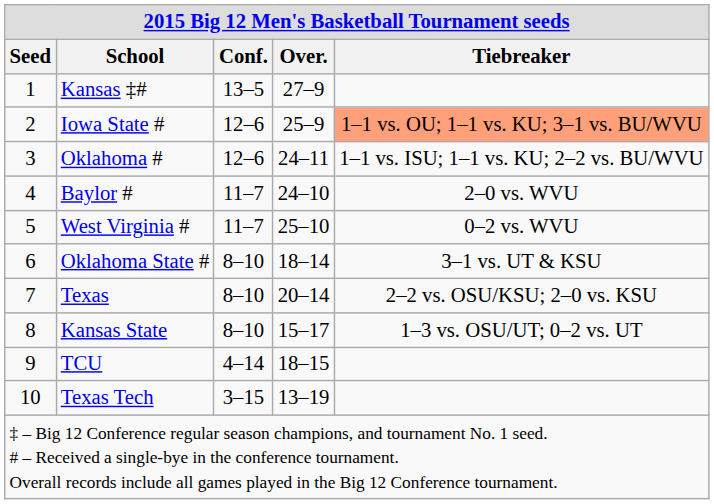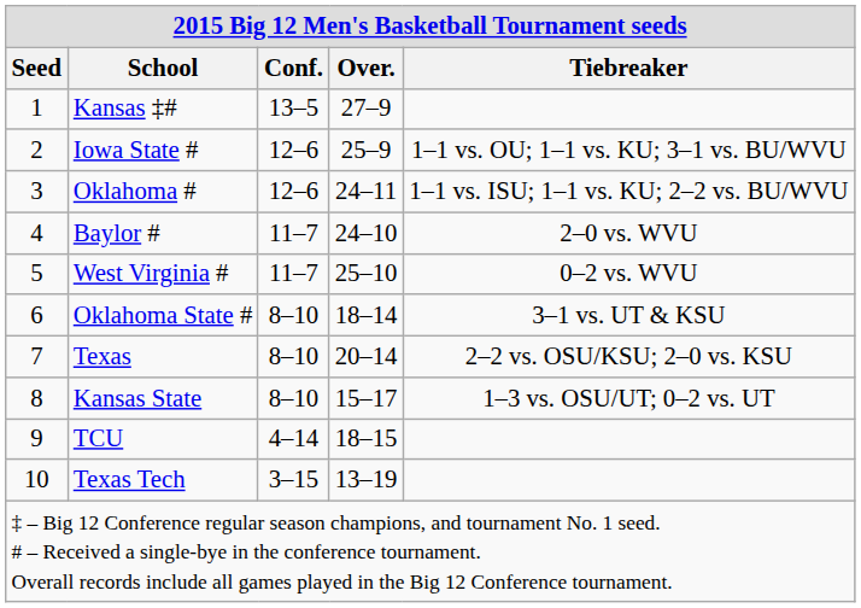 <table class="wikitable" style="white-space:nowrap; font-size:90%;text-align:center">
 <tr>
 <td colspan="10" style="text-align:center; background:#DDDDDD; font:#000000"><strong><a href='#'>2015 Big 12 Men's Basketball Tournament seeds</a></strong></td>
 </tr>
 <tr bgcolor="#efefef">
 <th>Seed</th>
 <th>School</th>
 <th>Conf.</th>
 <th>Over.</th>
 <th>Tiebreaker</th>
 </tr>
 <tr>
 <td>1</td>
 <td align=left><a href='#'>Kansas</a> ‡#</td>
 <td>13–5</td>
 <td>27–9</td>
 <td></td>
 </tr>
 <tr>
 <td>2</td>
 <td align=left><a href='#'>Iowa State</a> #</td>
 <td>12–6</td>
 <td>25–9</td>
-<td style="background: lightsalmon;">1–1 vs. OU; 1–1 vs. KU; 3–1 vs. BU/WVU</td>
+<td>1–1 vs. OU; 1–1 vs. KU; 3–1 vs. BU/WVU</td>
 </tr>
 <tr>
 <td>3</td>
 <td align=left><a href='#'>Oklahoma</a> #</td>
 <td>12–6</td>
 <td>24–11</td>
 <td>1–1 vs. ISU; 1–1 vs. KU; 2–2 vs. BU/WVU</td>
 </tr>
 <tr>
 <td>4</td>
 <td align=left><a href='#'>Baylor</a> #</td>
 <td>11–7</td>
 <td>24–10</td>
 <td>2–0 vs. WVU</td>
 </tr>
 <tr>
 <td>5</td>
 <td align=left><a href='#'>West Virginia</a> #</td>
 <td>11–7</td>
 <td>25–10</td>
 <td>0–2 vs. WVU</td>
 </tr>
 <tr>
 <td>6</td>
 <td align=left><a href='#'>Oklahoma State</a> #</td>
 <td>8–10</td>
 <td>18–14</td>
 <td>3–1 vs. UT & KSU</td>
 </tr>
 <tr>
 <td>7</td>
 <td align=left><a href='#'>Texas</a></td>
 <td>8–10</td>
 <td>20–14</td>
 <td>2–2 vs. OSU/KSU; 2–0 vs. KSU</td>
 </tr>
 <tr>
 <td>8</td>
 <td align=left><a href='#'>Kansas State</a></td>
 <td>8–10</td>
 <td>15–17</td>
 <td>1–3 vs. OSU/UT; 0–2 vs. UT</td>
 </tr>
 <tr>
 <td>9</td>
 <td align=left><a href='#'>TCU</a></td>
 <td>4–14</td>
 <td>18–15</td>
 <td></td>
 </tr>
 <tr>
 <td>10</td>
 <td align=left><a href='#'>Texas Tech</a></td>
 <td>3–15</td>
 <td>13–19</td>
 <td></td>
 </tr>
 <tr>
 <td colspan="10" style="text-align:left;"><small>‡ – Big 12 Conference regular season champions, and tournament No. 1 seed.<br># – Received a single-bye in the conference tournament.<br>Overall records include all games played in the Big 12 Conference tournament.</small></td>
 </tr>
 </table>
